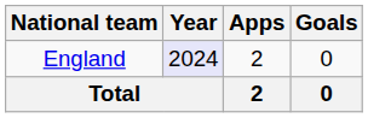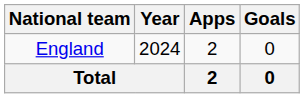 <table class="wikitable" style="text-align: center;">
 <tr>
 <th>National team</th>
 <th>Year</th>
 <th>Apps</th>
 <th>Goals</th>
 </tr>
 <tr>
 <td><a href='#'>England</a></td>
-<td style="background: lavender;">2024</td>
+<td>2024</td>
 <td>2</td>
 <td>0</td>
 </tr>
 <tr>
 <th colspan="2">Total</th>
 <th>2</th>
 <th>0</th>
 </tr>
 </table>
